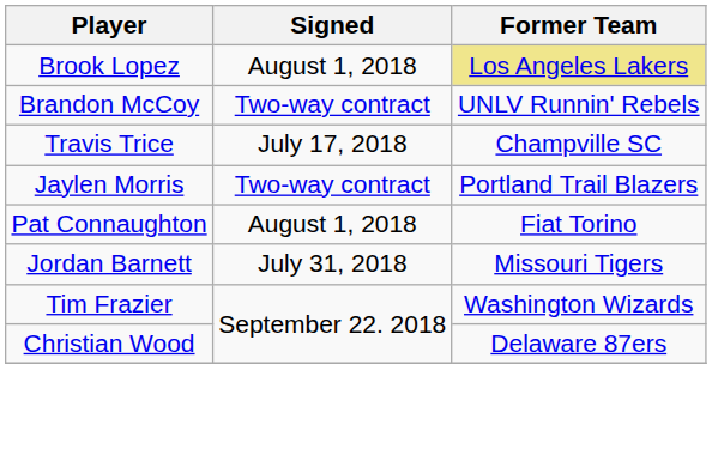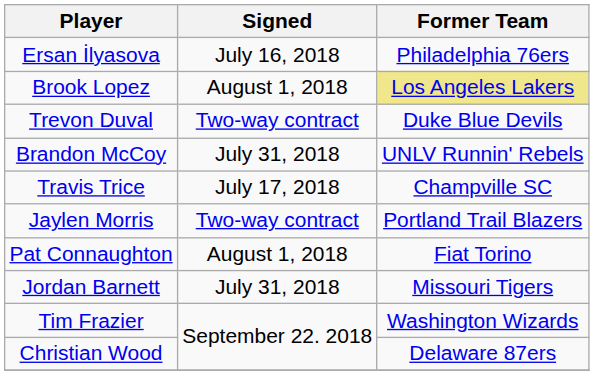 <table class="wikitable sortable sortable" style="text-align: center">
 <tr>
 <th>Player</th>
 <th>Signed</th>
 <th>Former Team</th>
 </tr>
 <tr>
+<td><a href='#'>Ersan İlyasova</a></td>
+<td>July 16, 2018</td>
+<td><a href='#'>Philadelphia 76ers</a></td>
+</tr>
+<tr>
 <td><a href='#'>Brook Lopez</a></td>
 <td>August 1, 2018</td>
 <td style="background: khaki;"><a href='#'>Los Angeles Lakers</a></td>
 </tr>
 <tr>
+<td><a href='#'>Trevon Duval</a></td>
+<td><a href='#'>Two-way contract</a></td>
+<td><a href='#'>Duke Blue Devils</a></td>
+</tr>
+<tr>
 <td><a href='#'>Brandon McCoy</a></td>
-<td><a href='#'>Two-way contract</a></td>
+<td>July 31, 2018</td>
 <td><a href='#'>UNLV Runnin' Rebels</a></td>
 </tr>
 <tr>
 <td><a href='#'>Travis Trice</a></td>
 <td>July 17, 2018</td>
 <td> <a href='#'>Champville SC</a></td>
 </tr>
 <tr>
 <td><a href='#'>Jaylen Morris</a></td>
 <td><a href='#'>Two-way contract</a></td>
 <td><a href='#'>Portland Trail Blazers</a></td>
 </tr>
 <tr>
 <td><a href='#'>Pat Connaughton</a></td>
 <td>August 1, 2018</td>
 <td> <a href='#'>Fiat Torino</a></td>
 </tr>
 <tr>
 <td><a href='#'>Jordan Barnett</a></td>
 <td>July 31, 2018</td>
 <td><a href='#'>Missouri Tigers</a></td>
 </tr>
 <tr>
 <td><a href='#'>Tim Frazier</a></td>
 <td rowspan=2>September 22. 2018</td>
 <td><a href='#'>Washington Wizards</a></td>
 </tr>
 <tr>
 <td><a href='#'>Christian Wood</a></td>
 <td><a href='#'>Delaware 87ers</a></td>
 </tr>
 <tr>
 </tr>
 </table>
